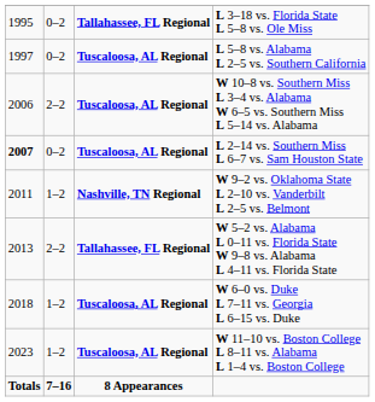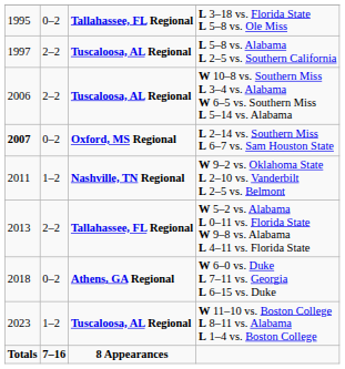 <table class="wikitable" style="text-align:center;">
 <tr>
 </tr>
 <tr style="text-align:left;">
 <td>1995</td>
 <td>0–2</td>
 <td><strong><a href='#'>Tallahassee, FL</a> Regional</strong></td>
 <td><strong>L</strong> 3–18 vs. <a href='#'>Florida State</a><br><strong>L</strong> 5–8 vs. <a href='#'>Ole Miss</a></td>
 </tr>
 <tr style="text-align:left;">
 <td>1997</td>
-<td>0–2</td>
+<td>2–2</td>
 <td><strong><a href='#'>Tuscaloosa, AL</a> Regional</strong></td>
 <td><strong>L</strong> 5–8 vs. <a href='#'>Alabama</a><br><strong>L</strong> 2–5 vs. <a href='#'>Southern California</a></td>
 </tr>
 <tr style="text-align:left;">
 <td>2006</td>
 <td>2–2</td>
 <td><strong><a href='#'>Tuscaloosa, AL</a> Regional</strong></td>
 <td><strong>W</strong> 10–8 vs. <a href='#'>Southern Miss</a><br><strong>L</strong> 3–4 vs. <a href='#'>Alabama</a><br><strong>W</strong> 6–5 vs. Southern Miss<br><strong>L</strong> 5–14 vs. Alabama</td>
 </tr>
 <tr style="text-align:left;">
 <td><strong>2007</strong></td>
 <td>0–2</td>
-<td><strong><a href='#'>Tuscaloosa, AL</a> Regional</strong></td>
+<td><strong><a href='#'>Oxford, MS</a> Regional</strong></td>
 <td><strong>L</strong> 2–14 vs. <a href='#'>Southern Miss</a><br><strong>L</strong> 6–7 vs. <a href='#'>Sam Houston State</a></td>
 </tr>
 <tr style="text-align:left;">
 <td>2011</td>
 <td>1–2</td>
 <td><strong><a href='#'>Nashville, TN</a> Regional</strong></td>
 <td><strong>W</strong> 9–2 vs. <a href='#'>Oklahoma State</a><br><strong>L</strong> 2–10 vs. <a href='#'>Vanderbilt</a><br><strong>L</strong> 2–5 vs. <a href='#'>Belmont</a></td>
 </tr>
 <tr style="text-align:left;">
 <td>2013</td>
 <td>2–2</td>
 <td><strong><a href='#'>Tallahassee, FL</a> Regional</strong></td>
 <td><strong>W</strong> 5–2 vs. <a href='#'>Alabama</a><br><strong>L</strong> 0–11 vs. <a href='#'>Florida State</a><br><strong>W</strong> 9–8 vs. Alabama<br><strong>L</strong> 4–11 vs. Florida State</td>
 </tr>
 <tr style="text-align:left;">
 <td>2018</td>
-<td>1–2</td>
-<td><strong><a href='#'>Tuscaloosa, AL</a> Regional</strong></td>
+<td>0–2</td>
+<td><strong><a href='#'>Athens, GA</a> Regional</strong></td>
 <td><strong>W</strong> 6–0 vs. <a href='#'>Duke</a><br><strong>L</strong> 7–11 vs. <a href='#'>Georgia</a><br><strong>L</strong> 6–15 vs. Duke</td>
 </tr>
 <tr style="text-align:left;">
 <td>2023</td>
 <td>1–2</td>
 <td><strong><a href='#'>Tuscaloosa, AL</a> Regional</strong></td>
 <td><strong>W</strong> 11–10 vs. <a href='#'>Boston College</a><br><strong>L</strong> 8–11 vs. <a href='#'>Alabama</a><br><strong>L</strong> 1–4 vs. <a href='#'>Boston College</a></td>
 </tr>
 <tr class="unsortable" style="text-align:center; ">
 <td><strong>Totals</strong></td>
 <td><strong>7–16</strong></td>
 <td><strong>8 Appearances</strong></td>
 <td></td>
 </tr>
 </table>
